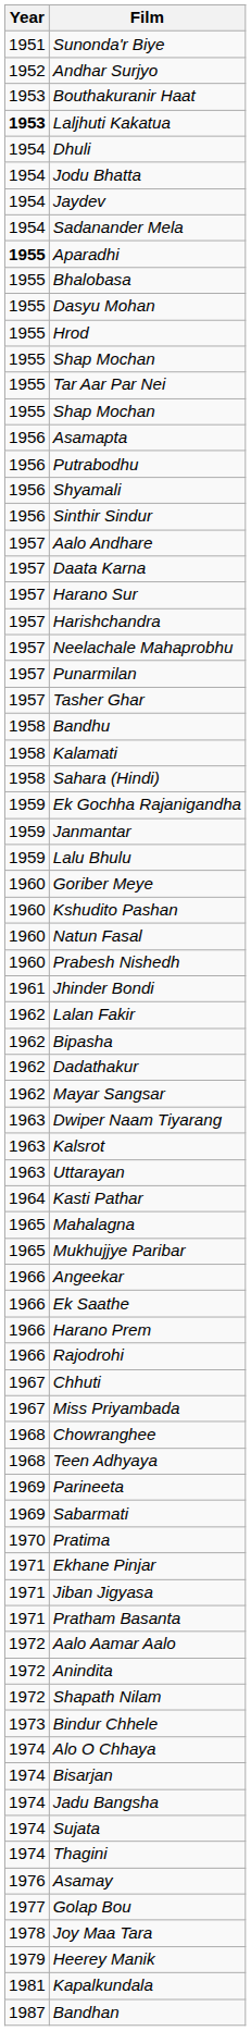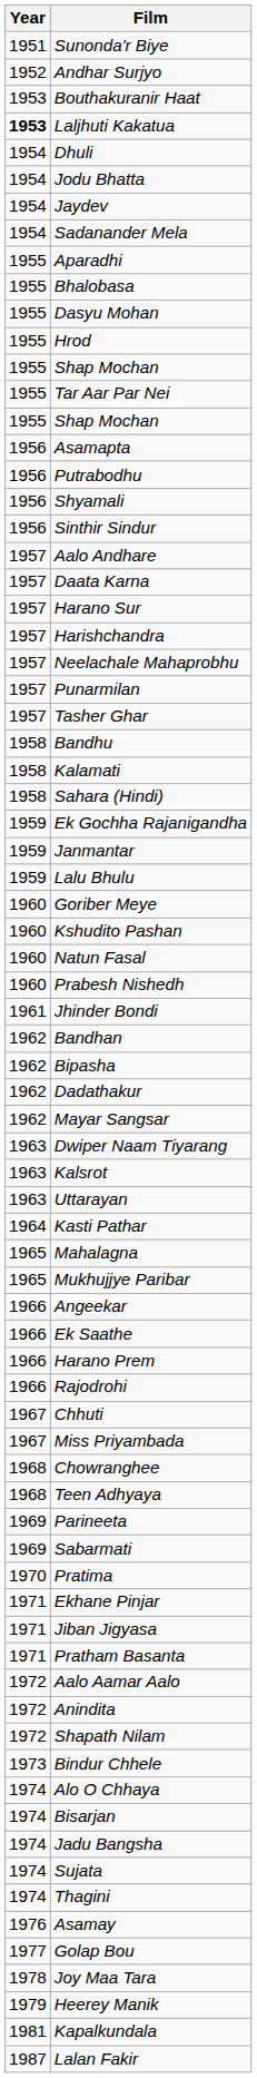 <table class="wikitable sortable">
 <tr>
 <th>Year</th>
 <th>Film</th>
 </tr>
 <tr>
 <td>1951</td>
 <td><em>Sunonda'r Biye</em></td>
 </tr>
 <tr>
 <td>1952</td>
 <td><em>Andhar Surjyo</em></td>
 </tr>
 <tr>
 <td>1953</td>
 <td><em>Bouthakuranir Haat</em></td>
 </tr>
 <tr>
 <td><strong>1953</strong></td>
 <td><em>Laljhuti Kakatua</em></td>
 </tr>
 <tr>
 <td>1954</td>
 <td><em>Dhuli</em></td>
 </tr>
 <tr>
 <td>1954</td>
 <td><em>Jodu Bhatta</em></td>
 </tr>
 <tr>
 <td>1954</td>
 <td><em>Jaydev</em></td>
 </tr>
 <tr>
 <td>1954</td>
 <td><em>Sadanander Mela</em></td>
 </tr>
 <tr>
-<td><strong>1955</strong></td>
+<td>1955</td>
 <td><em>Aparadhi</em></td>
 </tr>
 <tr>
 <td>1955</td>
 <td><em>Bhalobasa</em></td>
 </tr>
 <tr>
 <td>1955</td>
 <td><em>Dasyu Mohan</em></td>
 </tr>
 <tr>
 <td>1955</td>
 <td><em>Hrod</em></td>
 </tr>
 <tr>
 <td>1955</td>
 <td><em>Shap Mochan</em></td>
 </tr>
 <tr>
 <td>1955</td>
 <td><em>Tar Aar Par Nei</em></td>
 </tr>
 <tr>
 <td>1955</td>
 <td><em>Shap Mochan</em></td>
 </tr>
 <tr>
 <td>1956</td>
 <td><em>Asamapta</em></td>
 </tr>
 <tr>
 <td>1956</td>
 <td><em>Putrabodhu</em></td>
 </tr>
 <tr>
 <td>1956</td>
 <td><em>Shyamali</em></td>
 </tr>
 <tr>
 <td>1956</td>
 <td><em>Sinthir Sindur</em></td>
 </tr>
 <tr>
 <td>1957</td>
 <td><em>Aalo Andhare</em></td>
 </tr>
 <tr>
 <td>1957</td>
 <td><em>Daata Karna</em></td>
 </tr>
 <tr>
 <td>1957</td>
 <td><em>Harano Sur</em></td>
 </tr>
 <tr>
 <td>1957</td>
 <td><em>Harishchandra</em></td>
 </tr>
 <tr>
 <td>1957</td>
 <td><em>Neelachale Mahaprobhu</em></td>
 </tr>
 <tr>
 <td>1957</td>
 <td><em>Punarmilan</em></td>
 </tr>
 <tr>
 <td>1957</td>
 <td><em>Tasher Ghar</em></td>
 </tr>
 <tr>
 <td>1958</td>
 <td><em>Bandhu</em></td>
 </tr>
 <tr>
 <td>1958</td>
 <td><em>Kalamati</em></td>
 </tr>
 <tr>
 <td>1958</td>
 <td><em>Sahara (Hindi)</em></td>
 </tr>
 <tr>
 <td>1959</td>
 <td><em>Ek Gochha Rajanigandha</em></td>
 </tr>
 <tr>
 <td>1959</td>
 <td><em>Janmantar</em></td>
 </tr>
 <tr>
 <td>1959</td>
 <td><em>Lalu Bhulu</em></td>
 </tr>
 <tr>
 <td>1960</td>
 <td><em>Goriber Meye</em></td>
 </tr>
 <tr>
 <td>1960</td>
 <td><em>Kshudito Pashan</em></td>
 </tr>
 <tr>
 <td>1960</td>
 <td><em>Natun Fasal</em></td>
 </tr>
 <tr>
 <td>1960</td>
 <td><em>Prabesh Nishedh</em></td>
 </tr>
 <tr>
 <td>1961</td>
 <td><em>Jhinder Bondi</em></td>
 </tr>
 <tr>
 <td>1962</td>
-<td><em>Lalan Fakir  </em></td>
+<td><em>Bandhan</em></td>
 </tr>
 <tr>
 <td>1962</td>
 <td><em>Bipasha</em></td>
 </tr>
 <tr>
 <td>1962</td>
 <td><em>Dadathakur</em></td>
 </tr>
 <tr>
 <td>1962</td>
 <td><em>Mayar Sangsar</em></td>
 </tr>
 <tr>
 <td>1963</td>
 <td><em>Dwiper Naam Tiyarang</em></td>
 </tr>
 <tr>
 <td>1963</td>
 <td><em>Kalsrot</em></td>
 </tr>
 <tr>
 <td>1963</td>
 <td><em>Uttarayan</em></td>
 </tr>
 <tr>
 <td>1964</td>
 <td><em>Kasti Pathar</em></td>
 </tr>
 <tr>
 <td>1965</td>
 <td><em>Mahalagna</em></td>
 </tr>
 <tr>
 <td>1965</td>
 <td><em>Mukhujjye Paribar</em></td>
 </tr>
 <tr>
 <td>1966</td>
 <td><em>Angeekar</em></td>
 </tr>
 <tr>
 <td>1966</td>
 <td><em>Ek Saathe</em></td>
 </tr>
 <tr>
 <td>1966</td>
 <td><em>Harano Prem</em></td>
 </tr>
 <tr>
 <td>1966</td>
 <td><em>Rajodrohi</em></td>
 </tr>
 <tr>
 <td>1967</td>
 <td><em>Chhuti</em></td>
 </tr>
 <tr>
 <td>1967</td>
 <td><em>Miss Priyambada</em></td>
 </tr>
 <tr>
 <td>1968</td>
 <td><em>Chowranghee</em></td>
 </tr>
 <tr>
 <td>1968</td>
 <td><em>Teen Adhyaya</em></td>
 </tr>
 <tr>
 <td>1969</td>
 <td><em>Parineeta</em></td>
 </tr>
 <tr>
 <td>1969</td>
 <td><em>Sabarmati</em></td>
 </tr>
 <tr>
 <td>1970</td>
 <td><em>Pratima</em></td>
 </tr>
 <tr>
 <td>1971</td>
 <td><em>Ekhane Pinjar</em></td>
 </tr>
 <tr>
 <td>1971</td>
 <td><em>Jiban Jigyasa</em></td>
 </tr>
 <tr>
 <td>1971</td>
 <td><em>Pratham Basanta</em></td>
 </tr>
 <tr>
 <td>1972</td>
 <td><em>Aalo Aamar Aalo</em></td>
 </tr>
 <tr>
 <td>1972</td>
 <td><em>Anindita</em></td>
 </tr>
 <tr>
 <td>1972</td>
 <td><em>Shapath Nilam</em></td>
 </tr>
 <tr>
 <td>1973</td>
 <td><em>Bindur Chhele</em></td>
 </tr>
 <tr>
 <td>1974</td>
 <td><em>Alo O Chhaya</em></td>
 </tr>
 <tr>
 <td>1974</td>
 <td><em>Bisarjan</em></td>
 </tr>
 <tr>
 <td>1974</td>
 <td><em>Jadu Bangsha</em></td>
 </tr>
 <tr>
 <td>1974</td>
 <td><em>Sujata</em></td>
 </tr>
 <tr>
 <td>1974</td>
 <td><em>Thagini</em></td>
 </tr>
 <tr>
 <td>1976</td>
 <td><em>Asamay</em></td>
 </tr>
 <tr>
 <td>1977</td>
 <td><em>Golap Bou</em></td>
 </tr>
 <tr>
 <td>1978</td>
 <td><em>Joy Maa Tara</em></td>
 </tr>
 <tr>
 <td>1979</td>
 <td><em>Heerey Manik</em></td>
 </tr>
 <tr>
 <td>1981</td>
 <td><em>Kapalkundala</em></td>
 </tr>
 <tr>
 <td>1987</td>
-<td><em>Bandhan</em></td>
+<td><em>Lalan Fakir  </em></td>
 </tr>
 </table>
